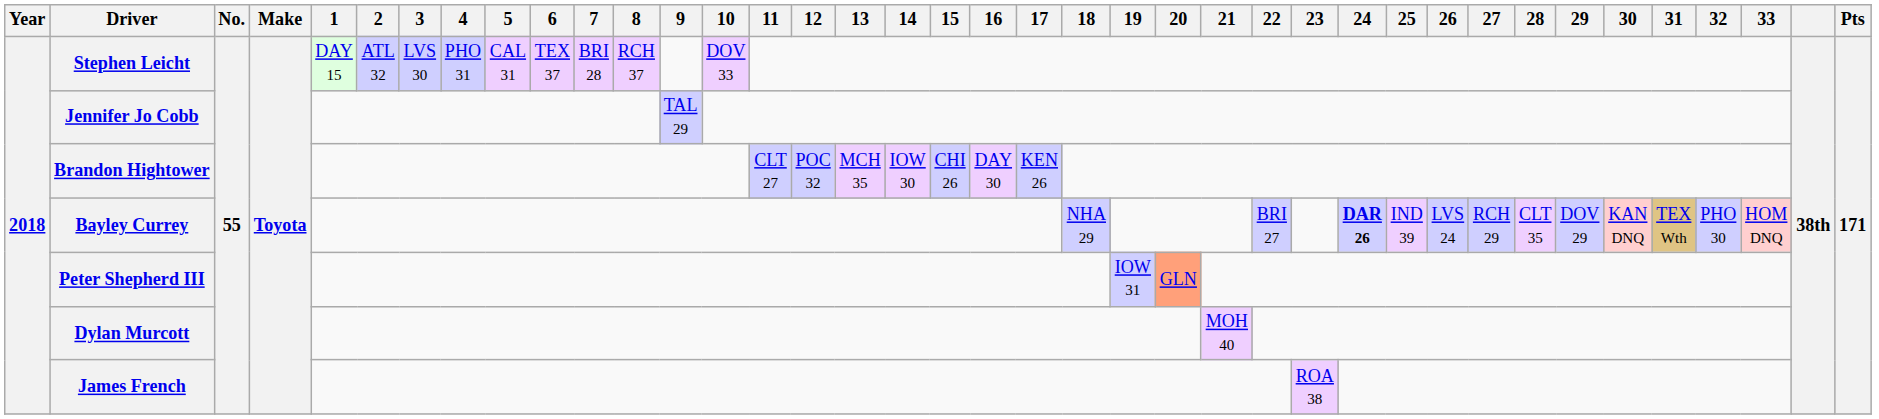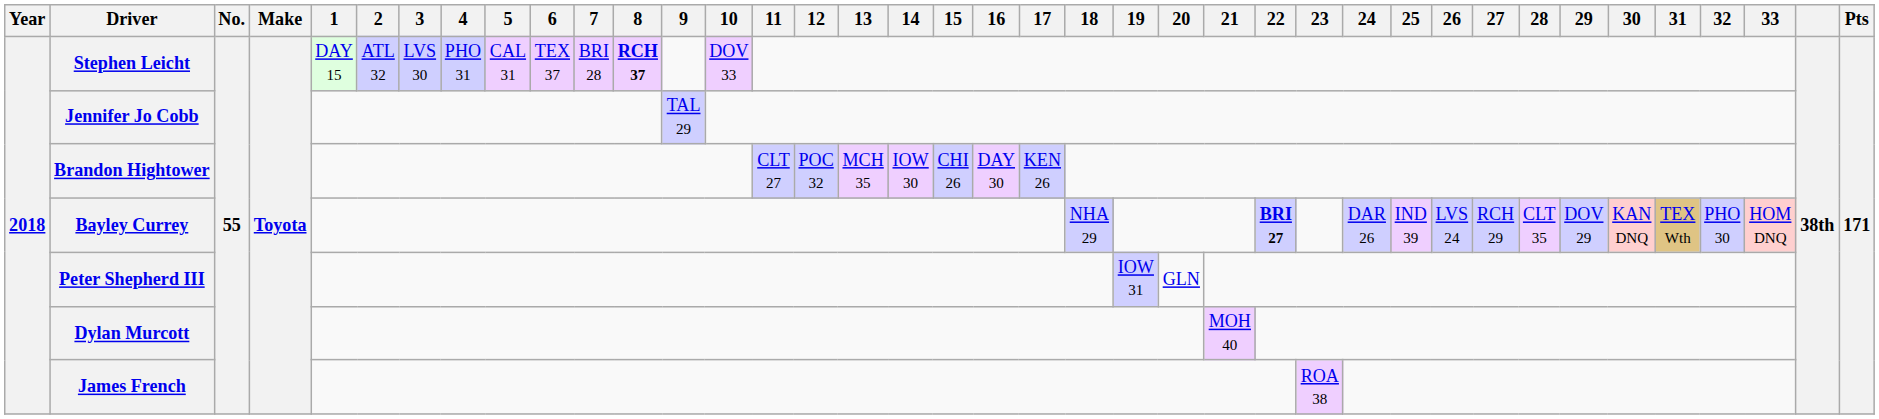 <table class="wikitable" style="text-align:center; font-size:75%">
 <tr>
 <th>Year</th>
 <th>Driver</th>
 <th>No.</th>
 <th>Make</th>
 <th>1</th>
 <th>2</th>
 <th>3</th>
 <th>4</th>
 <th>5</th>
 <th>6</th>
 <th>7</th>
 <th>8</th>
 <th>9</th>
 <th>10</th>
 <th>11</th>
 <th>12</th>
 <th>13</th>
 <th>14</th>
 <th>15</th>
 <th>16</th>
 <th>17</th>
 <th>18</th>
 <th>19</th>
 <th>20</th>
 <th>21</th>
 <th>22</th>
 <th>23</th>
 <th>24</th>
 <th>25</th>
 <th>26</th>
 <th>27</th>
 <th>28</th>
 <th>29</th>
 <th>30</th>
 <th>31</th>
 <th>32</th>
 <th>33</th>
 <th></th>
 <th>Pts</th>
 </tr>
 <tr>
 <th rowspan=7><a href='#'>2018</a></th>
 <th><a href='#'>Stephen Leicht</a></th>
 <th Rowspan=7>55</th>
 <th Rowspan=7><a href='#'>Toyota</a></th>
 <td style="background:#DFFFDF;"><a href='#'>DAY</a><br><small>15</small></td>
 <td style="background:#CFCFFF;"><a href='#'>ATL</a><br><small>32</small></td>
 <td style="background:#CFCFFF;"><a href='#'>LVS</a><br><small>30</small></td>
 <td style="background:#CFCFFF;"><a href='#'>PHO</a><br><small>31</small></td>
 <td style="background:#EFCFFF;"><a href='#'>CAL</a><br><small>31</small></td>
 <td style="background:#EFCFFF;"><a href='#'>TEX</a><br><small>37</small></td>
 <td style="background:#EFCFFF;"><a href='#'>BRI</a><br><small>28</small></td>
-<td style="background:#EFCFFF;"><a href='#'>RCH</a><br><small>37</small></td>
+<td style="background:#EFCFFF;"><strong><a href='#'>RCH</a><br><small>37</small></strong></td>
 <td></td>
 <td style="background:#EFCFFF;"><a href='#'>DOV</a><br><small>33</small></td>
 <td colspan=23></td>
 <th rowspan=7>38th</th>
 <th rowspan=7>171</th>
 </tr>
 <tr>
 <th><a href='#'>Jennifer Jo Cobb</a></th>
 <td colspan=8></td>
 <td style="background:#CFCFFF;"><a href='#'>TAL</a><br><small>29</small></td>
 <td colspan=24></td>
 </tr>
 <tr>
 <th><a href='#'>Brandon Hightower</a></th>
 <td colspan=10></td>
 <td style="background:#CFCFFF;"><a href='#'>CLT</a><br><small>27</small></td>
 <td style="background:#CFCFFF;"><a href='#'>POC</a><br><small>32</small></td>
 <td style="background:#EFCFFF;"><a href='#'>MCH</a><br><small>35</small></td>
 <td style="background:#EFCFFF;"><a href='#'>IOW</a><br><small>30</small></td>
 <td style="background:#CFCFFF;"><a href='#'>CHI</a><br><small>26</small></td>
 <td style="background:#EFCFFF;"><a href='#'>DAY</a><br><small>30</small></td>
 <td style="background:#CFCFFF;"><a href='#'>KEN</a><br><small>26</small></td>
 <td colspan=16></td>
 </tr>
 <tr>
 <th><a href='#'>Bayley Currey</a></th>
 <td colspan=17></td>
 <td style="background:#CFCFFF;"><a href='#'>NHA</a><br><small>29</small></td>
 <td colspan=3></td>
-<td style="background:#CFCFFF;"><a href='#'>BRI</a><br><small>27</small></td>
+<td style="background:#CFCFFF;"><strong><a href='#'>BRI</a><br><small>27</small></strong></td>
 <td></td>
-<td style="background:#CFCFFF;"><strong><a href='#'>DAR</a><br><small>26</small></strong></td>
+<td style="background:#CFCFFF;"><a href='#'>DAR</a><br><small>26</small></td>
 <td style="background:#EFCFFF;"><a href='#'>IND</a><br><small>39</small></td>
 <td style="background:#CFCFFF;"><a href='#'>LVS</a><br><small>24</small></td>
 <td style="background:#CFCFFF;"><a href='#'>RCH</a><br><small>29</small></td>
 <td style="background:#EFCFFF;"><a href='#'>CLT</a><br><small>35</small></td>
 <td style="background:#CFCFFF;"><a href='#'>DOV</a><br><small>29</small></td>
 <td style="background:#FFCFCF;"><a href='#'>KAN</a><br><small>DNQ</small></td>
 <td style="background:#DFC484;"><a href='#'>TEX</a><br><small>Wth</small></td>
 <td style="background:#CFCFFF;"><a href='#'>PHO</a><br><small>30</small></td>
 <td style="background:#FFCFCF;"><a href='#'>HOM</a><br><small>DNQ</small></td>
 </tr>
 <tr>
 <th><a href='#'>Peter Shepherd III</a></th>
 <td colspan=18></td>
 <td style="background:#CFCFFF;"><a href='#'>IOW</a><br><small>31</small></td>
-<td style="background: lightsalmon;"><a href='#'>GLN</a></td>
+<td><a href='#'>GLN</a></td>
 <td colspan=13></td>
 </tr>
 <tr>
 <th><a href='#'>Dylan Murcott</a></th>
 <td colspan=20></td>
 <td style="background:#EFCFFF;"><a href='#'>MOH</a><br><small>40</small></td>
 <td colspan=12></td>
 </tr>
 <tr>
 <th><a href='#'>James French</a></th>
 <td colspan=22></td>
 <td style="background:#EFCFFF;"><a href='#'>ROA</a><br><small>38</small></td>
 <td colspan=10></td>
 </tr>
 </table>
